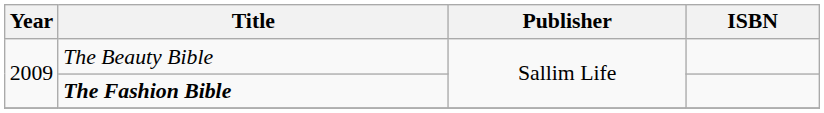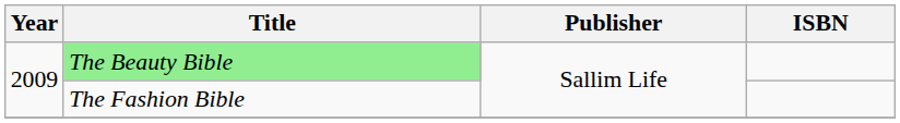 <table class="wikitable" style="width:600px">
 <tr>
 <th width=10>Year</th>
 <th>Title</th>
 <th>Publisher</th>
 <th>ISBN</th>
 </tr>
 <tr>
 <td rowspan=2>2009</td>
-<td><em>The Beauty Bible</em></td>
+<td style="background: lightgreen;"><em>The Beauty Bible</em></td>
 <td rowspan=2 style="text-align:center;">Sallim Life</td>
 <td></td>
 </tr>
 <tr>
-<td><strong><em>The Fashion Bible</em></strong></td>
+<td><em>The Fashion Bible</em></td>
 <td></td>
 </tr>
 <tr>
 </tr>
 </table>
